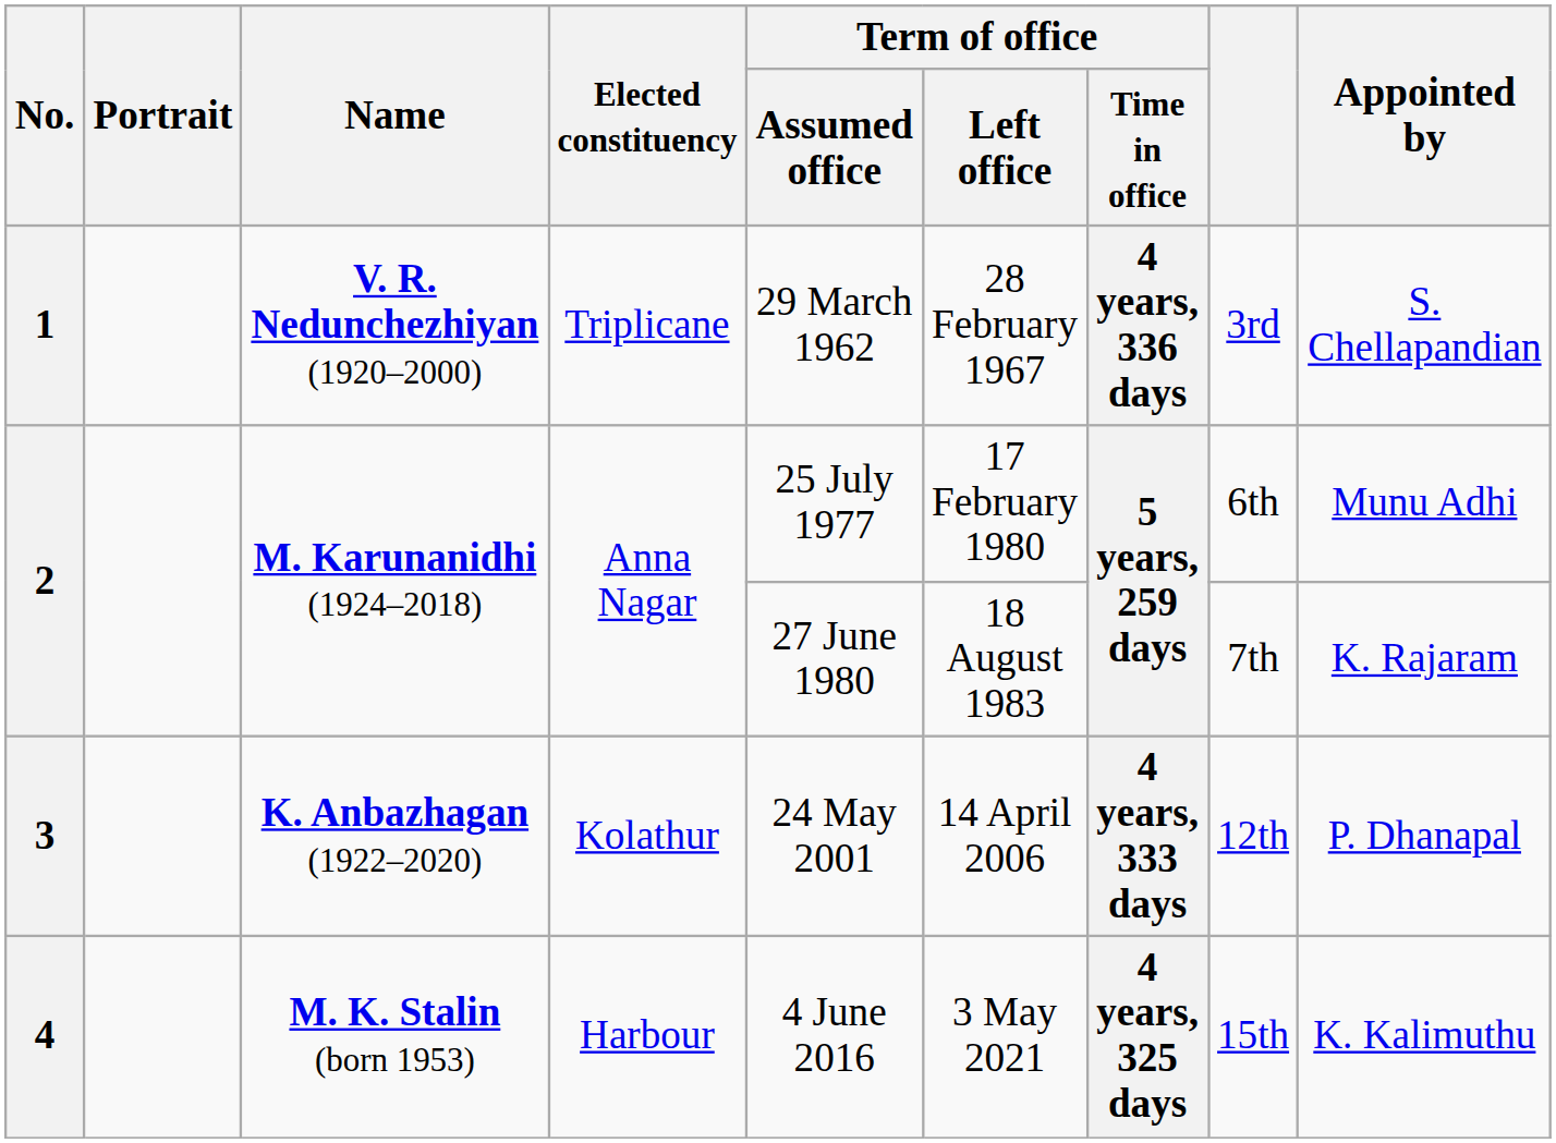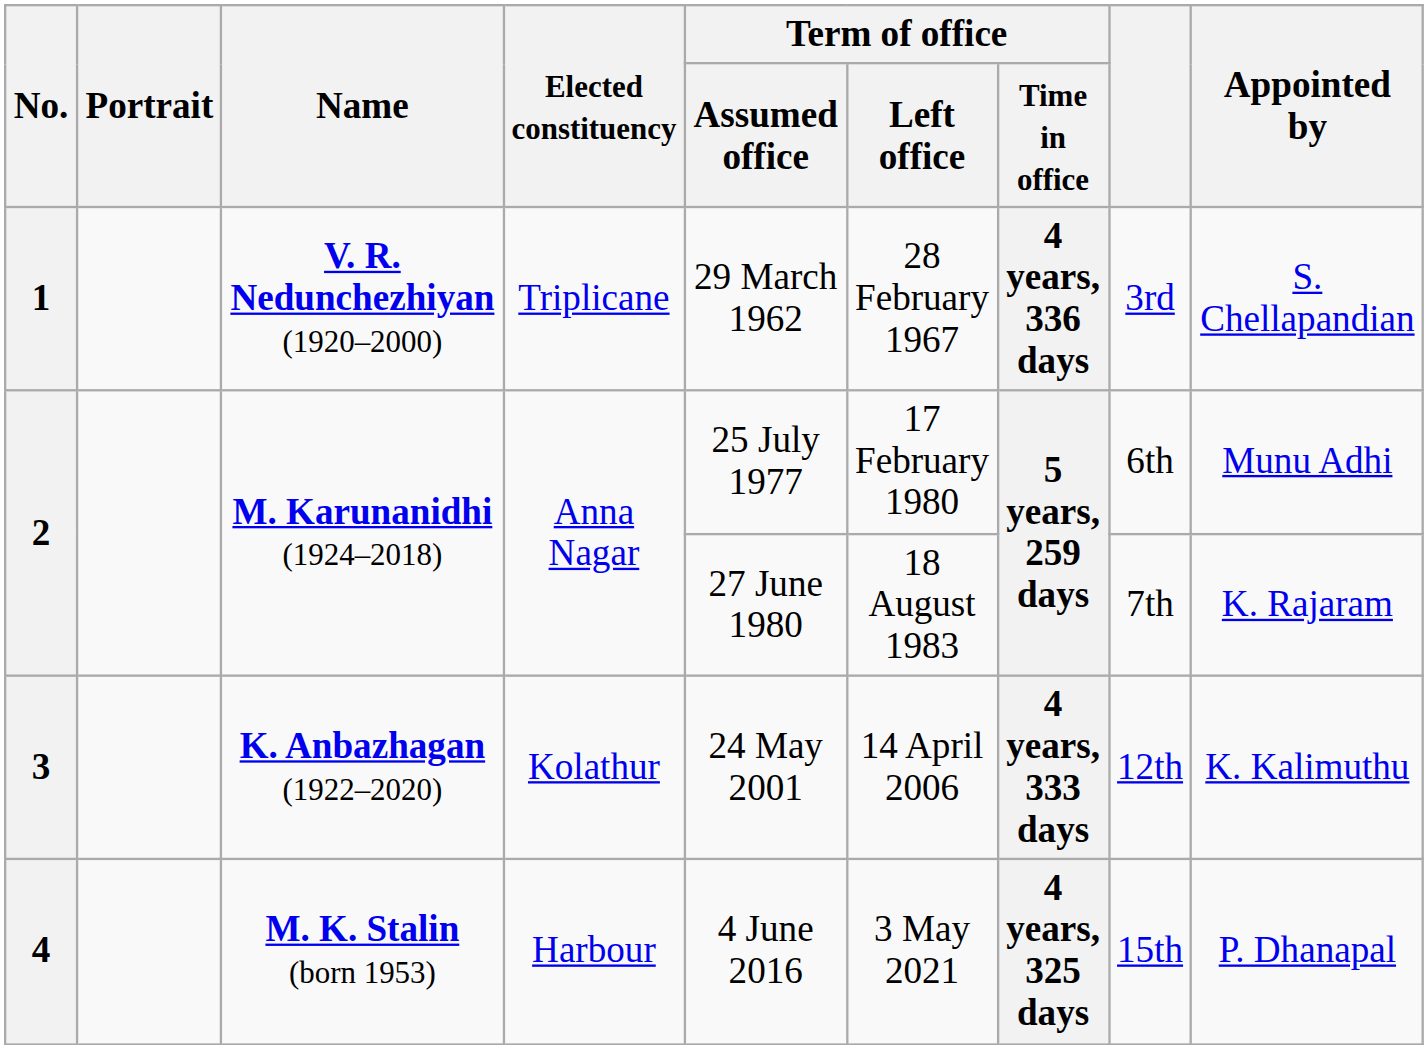 <table class="wikitable sortable" style="text-align:center;">
 <tr>
 <th rowspan=2 style="background-color:">No.</th>
 <th rowspan=2 style="background-color:">Portrait</th>
 <th rowspan=2 style="background-color:">Name<br><small></small></th>
 <th rowspan=2 style="background-color:"><small>Elected constituency</small></th>
 <th colspan=3 style="background-color:">Term of office</th>
 <th rowspan=2 style="background-color:"><br><small></small></th>
 <th rowspan=2 style="background-color:">Appointed by<br></th>
 </tr>
 <tr>
 <th style="background-color:">Assumed office</th>
 <th style="background-color:">Left office</th>
 <th style="background-color:"><small>Time in office</small></th>
 </tr>
 <tr>
 <th>1</th>
 <td></td>
 <td><strong><a href='#'>V. R. Nedunchezhiyan</a></strong><br><small>(1920–2000)</small></td>
 <td><a href='#'>Triplicane</a></td>
 <td>29 March 1962</td>
 <td>28 February 1967</td>
 <th>4 years, 336 days</th>
 <td><a href='#'>3rd</a><br></td>
 <td><a href='#'>S. Chellapandian</a></td>
 </tr>
 <tr>
 <th rowspan=2>2</th>
 <td rowspan=2></td>
 <td rowspan=2><strong><a href='#'>M. Karunanidhi</a></strong><br><small>(1924–2018)</small></td>
 <td rowspan=2><a href='#'>Anna Nagar</a></td>
 <td>25 July 1977</td>
 <td>17 February 1980</td>
 <th rowspan=2>5 years, 259 days</th>
 <td>6th<br></td>
 <td><a href='#'>Munu Adhi</a></td>
 </tr>
 <tr>
 <td>27 June 1980</td>
 <td>18 August 1983</td>
 <td>7th<br></td>
 <td><a href='#'>K. Rajaram</a></td>
 </tr>
 <tr>
 <th>3</th>
 <td></td>
 <td><strong><a href='#'>K. Anbazhagan</a></strong><br><small>(1922–2020)</small></td>
 <td><a href='#'>Kolathur</a></td>
 <td>24 May 2001</td>
 <td>14 April 2006</td>
 <th>4 years, 333 days</th>
 <td><a href='#'>12th</a><br></td>
-<td><a href='#'>P. Dhanapal</a></td>
+<td><a href='#'>K. Kalimuthu</a></td>
 </tr>
 <tr>
 <th>4</th>
 <td></td>
 <td><strong><a href='#'>M. K. Stalin</a></strong><br><small>(born 1953)</small></td>
 <td><a href='#'>Harbour</a></td>
 <td>4 June 2016</td>
 <td>3 May 2021</td>
 <th>4 years, 325 days</th>
 <td><a href='#'>15th</a><br></td>
-<td><a href='#'>K. Kalimuthu</a></td>
+<td><a href='#'>P. Dhanapal</a></td>
 </tr>
 </table>
